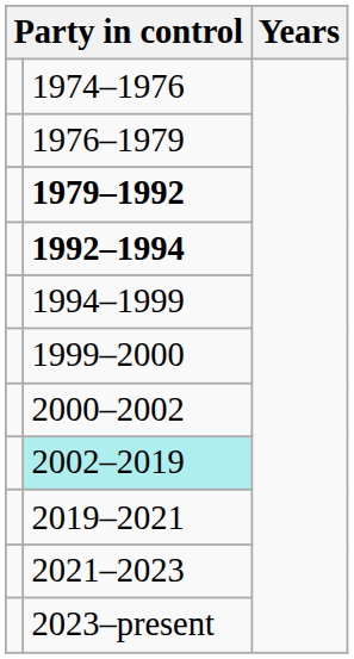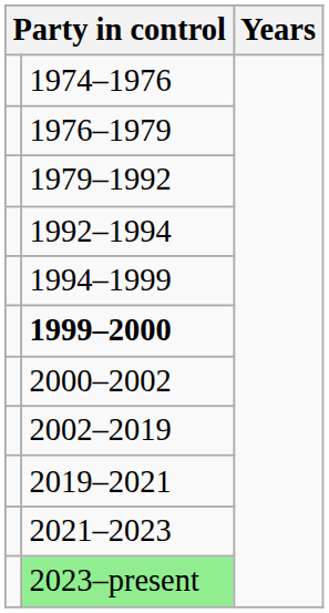 <table class="wikitable">
 <tr>
 <th colspan="2">Party in control</th>
 <th>Years</th>
 </tr>
 <tr>
 <td></td>
 <td>1974–1976</td>
 </tr>
 <tr>
 <td></td>
 <td>1976–1979</td>
 </tr>
 <tr>
 <td></td>
-<td><strong>1979–1992</strong></td>
+<td>1979–1992</td>
 </tr>
 <tr>
 <td></td>
-<td><strong>1992–1994</strong></td>
+<td>1992–1994</td>
 </tr>
 <tr>
 <td></td>
 <td>1994–1999</td>
 </tr>
 <tr>
 <td></td>
-<td>1999–2000</td>
+<td><strong>1999–2000</strong></td>
 </tr>
 <tr>
 <td></td>
 <td>2000–2002</td>
 </tr>
 <tr>
 <td></td>
-<td style="background: paleturquoise;">2002–2019</td>
+<td>2002–2019</td>
 </tr>
 <tr>
 <td></td>
 <td>2019–2021</td>
 </tr>
 <tr>
 <td></td>
 <td>2021–2023</td>
 </tr>
 <tr>
 <td></td>
-<td>2023–present</td>
+<td style="background: lightgreen;">2023–present</td>
 </tr>
 </table>
